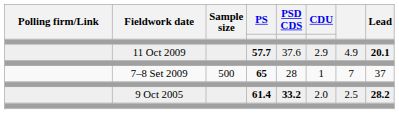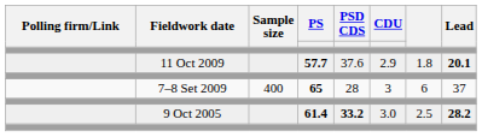 <table class="wikitable collapsible sortable" style="text-align:center; font-size:95%; line-height:16px;">
 <tr style="height:42px;">
 <th style="width:145px;" rowspan="2">Polling firm/Link</th>
 <th style="width:125px;" rowspan="2">Fieldwork date</th>
 <th class="unsortable" style="width:50px;" rowspan="2">Sample size</th>
 <th class="unsortable" style="width:35px;"><a href='#'>PS</a></th>
 <th class="unsortable" style="width:35px;"><a href='#'>PSD</a><br><a href='#'>CDS</a></th>
 <th class="unsortable" style="width:35px;"><a href='#'>CDU</a></th>
 <th class="unsortable" style="width:35px;" rowspan="2"></th>
 <th class="unsortable" style="width:30px;" rowspan="2">Lead</th>
 </tr>
 <tr>
 <th class="unsortable" style="color:inherit;background:"></th>
 <th class="unsortable" style="color:inherit;background:"></th>
 <th class="unsortable" style="color:inherit;background:"></th>
 </tr>
 <tr>
 <td colspan="13" style="background:#A0A0A0"></td>
 </tr>
 <tr style="background:#EFEFEF;">
 <td><strong></strong></td>
 <td data-sort-value="2019-10-06">11 Oct 2009</td>
 <td></td>
 <td><strong>57.7</strong><br></td>
 <td>37.6<br></td>
 <td>2.9<br></td>
-<td>4.9</td>
+<td>1.8</td>
 <td style="background:"><strong>20.1</strong></td>
 </tr>
 <tr>
 <td colspan="13" style="background:#A0A0A0"></td>
 </tr>
 <tr>
 <td align="center"></td>
 <td align="center">7–8 Set 2009</td>
-<td>500</td>
+<td>400</td>
 <td align="center" ><strong>65</strong></td>
 <td align="center">28</td>
-<td align="center">1</td>
-<td align="center">7</td>
+<td align="center">3</td>
+<td align="center">6</td>
 <td style="background:">37</td>
 </tr>
 <tr>
 <td colspan="13" style="background:#A0A0A0"></td>
 </tr>
 <tr style="background:#EFEFEF;">
 <td><strong></strong></td>
 <td data-sort-value="2019-10-06">9 Oct 2005</td>
 <td></td>
 <td><strong>61.4</strong><br></td>
 <td><strong>33.2<br></strong></td>
-<td>2.0<br></td>
+<td>3.0<br></td>
 <td>2.5</td>
 <td style="background:"><strong>28.2</strong></td>
 </tr>
 <tr>
 <td colspan="13" style="background:#A0A0A0"></td>
 </tr>
 </table>
